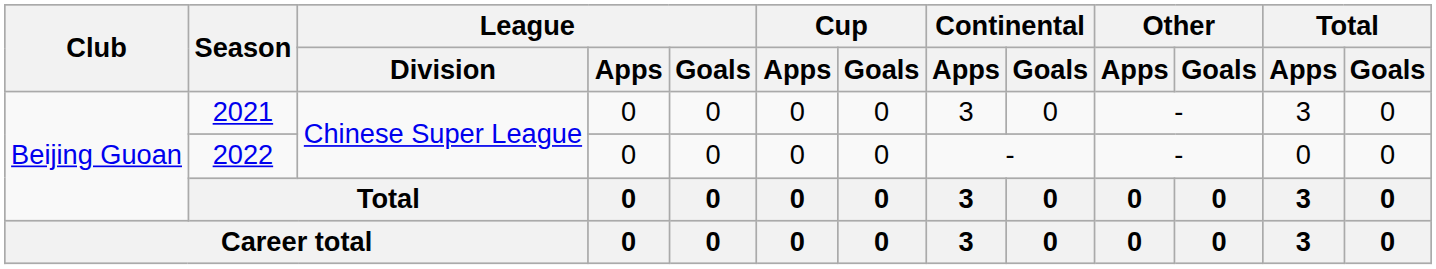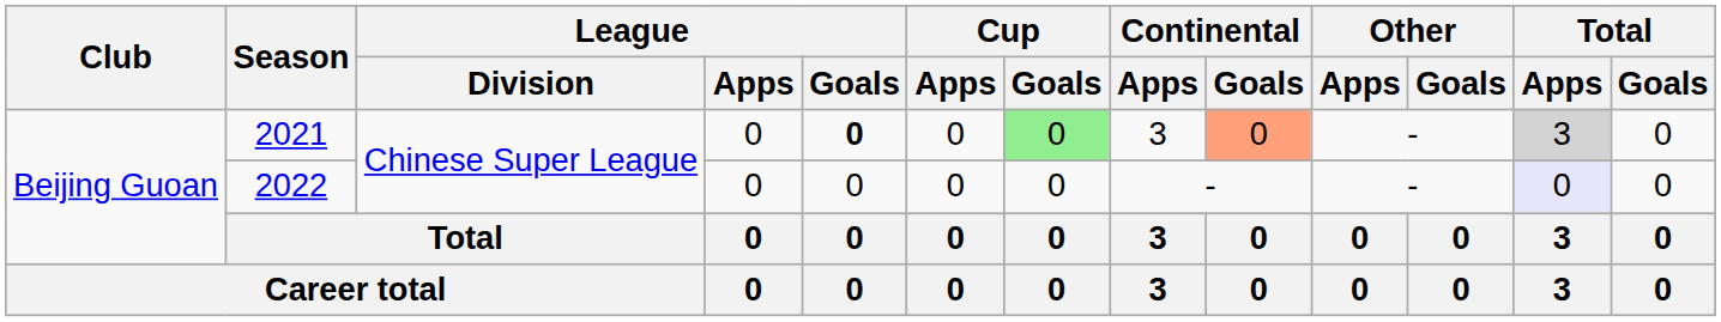 <table class="wikitable" style="text-align: center">
 <tr>
 <th rowspan="2">Club</th>
 <th rowspan="2">Season</th>
 <th colspan="3">League</th>
 <th colspan="2">Cup</th>
 <th colspan="2">Continental</th>
 <th colspan="2">Other</th>
 <th colspan="2">Total</th>
 </tr>
 <tr>
 <th>Division</th>
 <th>Apps</th>
 <th>Goals</th>
 <th>Apps</th>
 <th>Goals</th>
 <th>Apps</th>
 <th>Goals</th>
 <th>Apps</th>
 <th>Goals</th>
 <th>Apps</th>
 <th>Goals</th>
 </tr>
 <tr>
 <td rowspan=3><a href='#'>Beijing Guoan</a></td>
 <td><a href='#'>2021</a></td>
 <td rowspan=2><a href='#'>Chinese Super League</a></td>
 <td>0</td>
+<td><strong>0</strong></td>
 <td>0</td>
-<td>0</td>
-<td>0</td>
+<td style="background: lightgreen;">0</td>
 <td>3</td>
-<td>0</td>
+<td style="background: lightsalmon;">0</td>
 <td colspan="2">-</td>
-<td>3</td>
+<td style="background: lightgrey;">3</td>
 <td>0</td>
 </tr>
 <tr>
 <td><a href='#'>2022</a></td>
 <td>0</td>
 <td>0</td>
 <td>0</td>
 <td>0</td>
 <td colspan="2">-</td>
 <td colspan="2">-</td>
-<td>0</td>
+<td style="background: lavender;">0</td>
 <td>0</td>
 </tr>
 <tr>
 <th colspan=2>Total</th>
 <th>0</th>
 <th>0</th>
 <th>0</th>
 <th>0</th>
 <th>3</th>
 <th>0</th>
 <th>0</th>
 <th>0</th>
 <th>3</th>
 <th>0</th>
 </tr>
 <tr>
 <th colspan=3>Career total</th>
 <th>0</th>
 <th>0</th>
 <th>0</th>
 <th>0</th>
 <th>3</th>
 <th>0</th>
 <th>0</th>
 <th>0</th>
 <th>3</th>
 <th>0</th>
 </tr>
 </table>
